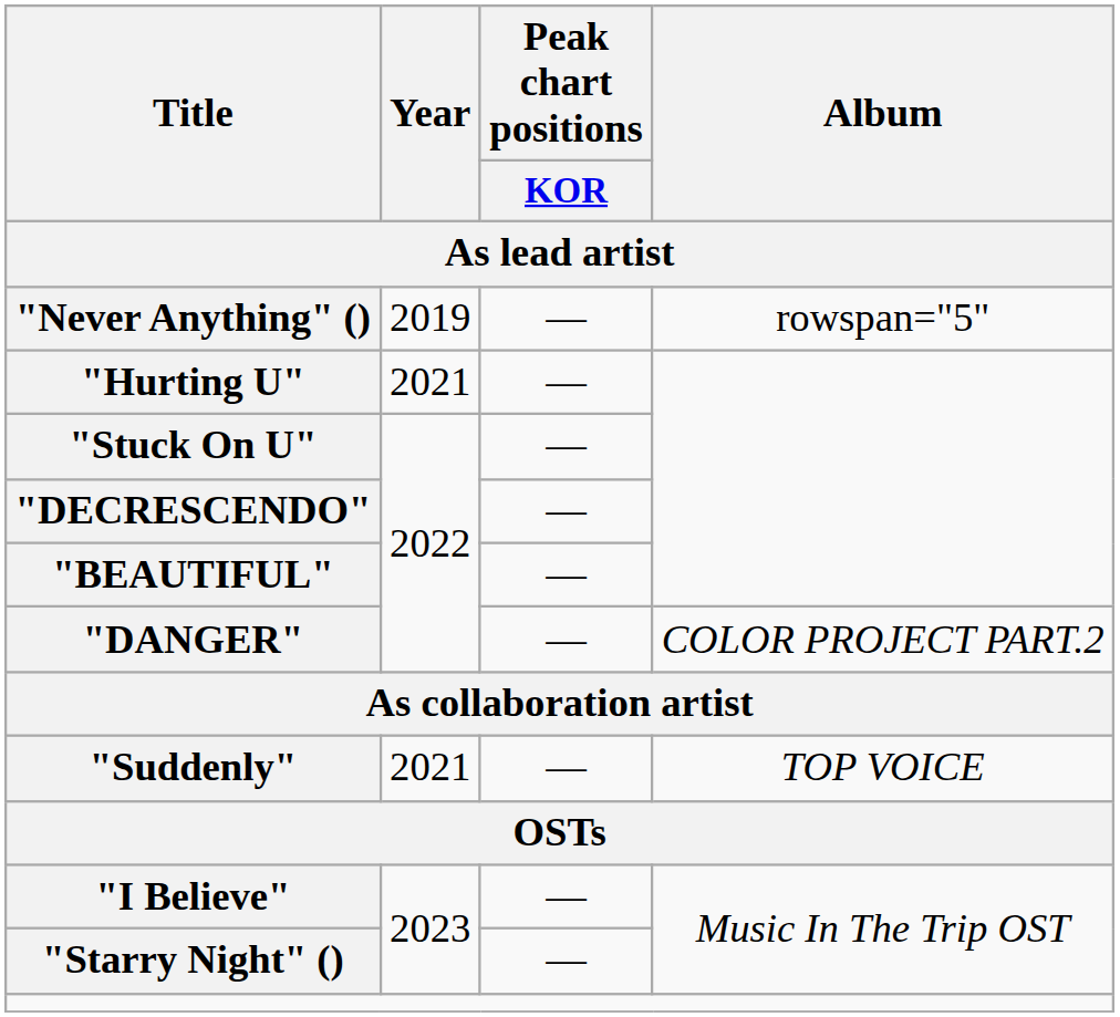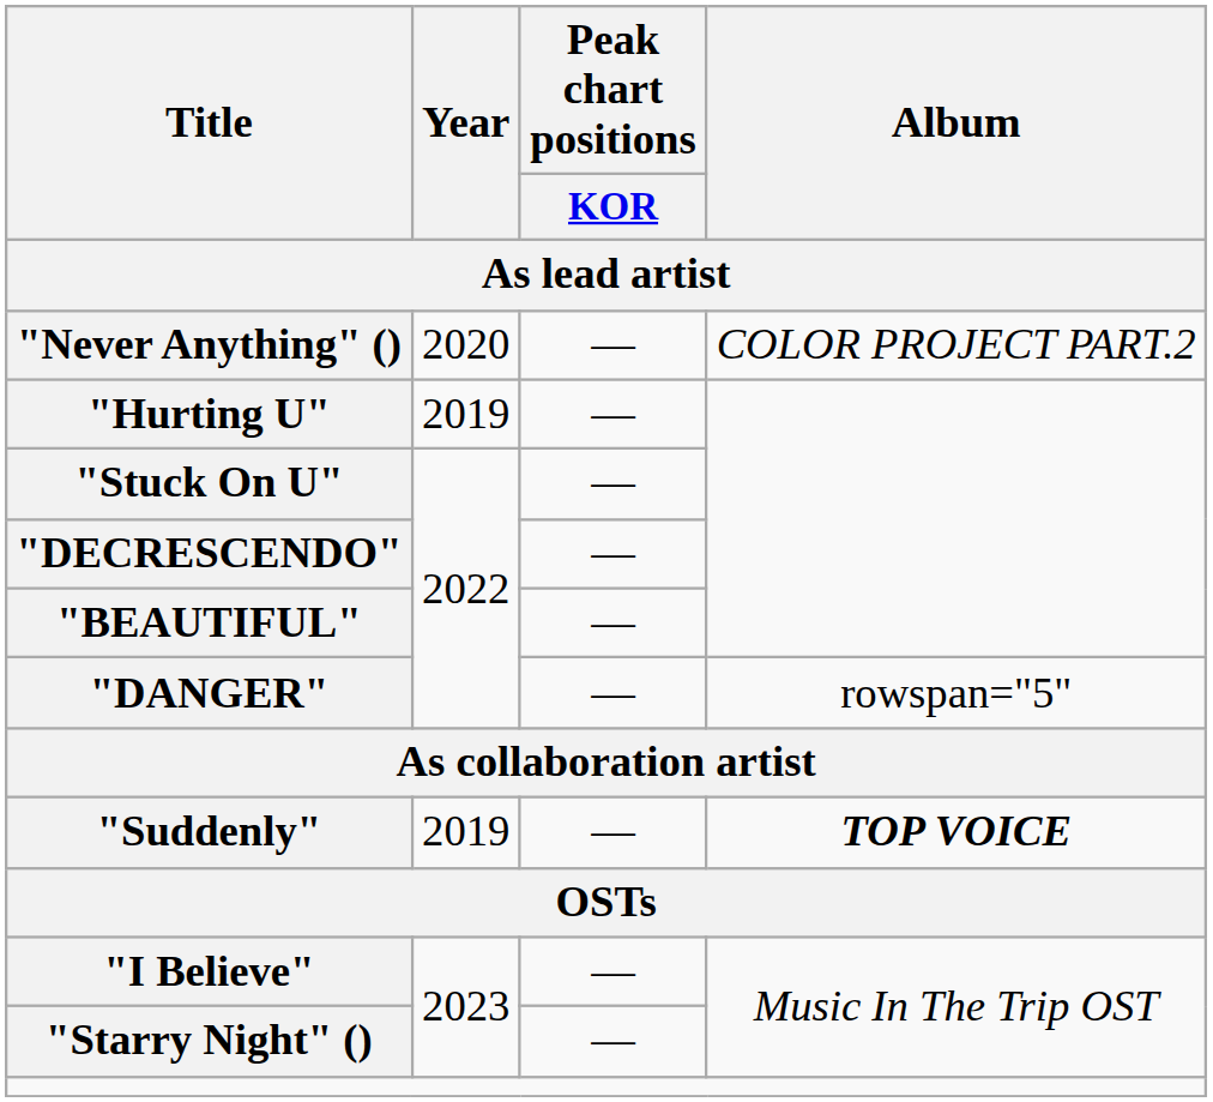 <table class="wikitable plainrowheaders" style="text-align:center">
 <tr>
 <th rowspan="2" scope="col">Title</th>
 <th rowspan="2" scope="col">Year</th>
 <th colspan="1" scope="col">Peak chart positions</th>
 <th rowspan="2" scope="col">Album</th>
 </tr>
 <tr>
 <th scope="col" style="width:3em;font-size:90%"><a href='#'>KOR</a><br></th>
 </tr>
 <tr>
 <th colspan="6">As lead artist</th>
 </tr>
 <tr>
 <th scope="row">"Never Anything" () </th>
-<td>2019</td>
+<td>2020</td>
 <td>—</td>
-<td>rowspan="5" </td>
+<td><em>COLOR PROJECT PART.2</em></td>
 </tr>
 <tr>
 <th scope="row">"Hurting U"</th>
-<td>2021</td>
+<td>2019</td>
 <td>—</td>
 </tr>
 <tr>
 <th scope="row">"Stuck On U" </th>
 <td rowspan="4">2022</td>
 <td>—</td>
 </tr>
 <tr>
 <th scope="row">"DECRESCENDO"</th>
 <td>—</td>
 </tr>
 <tr>
 <th scope="row">"BEAUTIFUL"</th>
 <td>—</td>
 </tr>
 <tr>
 <th scope="row">"DANGER"</th>
 <td>—</td>
-<td><em>COLOR PROJECT PART.2</em></td>
+<td>rowspan="5" </td>
 </tr>
 <tr>
 <th colspan="6">As collaboration artist</th>
 </tr>
 <tr>
 <th scope="row">"Suddenly"<br></th>
-<td>2021</td>
+<td>2019</td>
 <td>—</td>
-<td><em>TOP VOICE</em></td>
+<td><strong><em>TOP VOICE</em></strong></td>
 </tr>
 <tr>
 <th colspan="6">OSTs</th>
 </tr>
 <tr>
 <th scope="row">"I Believe" </th>
 <td rowspan="2">2023</td>
 <td>—</td>
 <td rowspan="2"><em>Music In The Trip OST</em></td>
 </tr>
 <tr>
 <th scope="row">"Starry Night" ()</th>
 <td>—</td>
 </tr>
 <tr>
 <td colspan="6"></td>
 </tr>
 </table>
